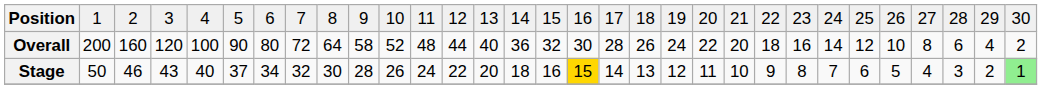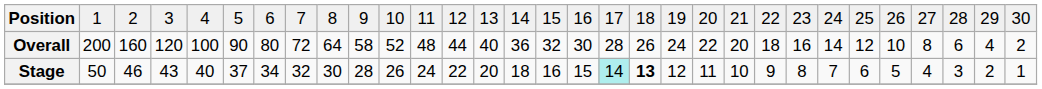 <table class="wikitable" style="font-size:90%; text-align:center">
 <tr bgcolor="#F0F0F0">
 <th>Position</th>
 <td width=20>1</td>
 <td width=20>2</td>
 <td width=20>3</td>
 <td width=20>4</td>
 <td width=20>5</td>
 <td width=20>6</td>
 <td width=20>7</td>
 <td width=20>8</td>
 <td width=20>9</td>
 <td width=20>10</td>
 <td width=20>11</td>
 <td width=20>12</td>
 <td width=20>13</td>
 <td width=20>14</td>
 <td width=20>15</td>
 <td width=20>16</td>
 <td width=20>17</td>
 <td width=20>18</td>
 <td width=20>19</td>
 <td width=20>20</td>
 <td width=20>21</td>
 <td width=20>22</td>
 <td width=20>23</td>
 <td width=20>24</td>
 <td width=20>25</td>
 <td width=20>26</td>
 <td width=20>27</td>
 <td width=20>28</td>
 <td width=20>29</td>
 <td width=20>30</td>
 </tr>
 <tr>
 <th>Overall</th>
 <td>200</td>
 <td>160</td>
 <td>120</td>
 <td>100</td>
 <td>90</td>
 <td>80</td>
 <td>72</td>
 <td>64</td>
 <td>58</td>
 <td>52</td>
 <td>48</td>
 <td>44</td>
 <td>40</td>
 <td>36</td>
 <td>32</td>
 <td>30</td>
 <td>28</td>
 <td>26</td>
 <td>24</td>
 <td>22</td>
 <td>20</td>
 <td>18</td>
 <td>16</td>
 <td>14</td>
 <td>12</td>
 <td>10</td>
 <td>8</td>
 <td>6</td>
 <td>4</td>
 <td>2</td>
 </tr>
 <tr>
 <th>Stage</th>
 <td>50</td>
 <td>46</td>
 <td>43</td>
 <td>40</td>
 <td>37</td>
 <td>34</td>
 <td>32</td>
 <td>30</td>
 <td>28</td>
 <td>26</td>
 <td>24</td>
 <td>22</td>
 <td>20</td>
 <td>18</td>
 <td>16</td>
-<td style="background: gold;">15</td>
-<td>14</td>
-<td>13</td>
+<td>15</td>
+<td style="background: paleturquoise;">14</td>
+<td><strong>13</strong></td>
 <td>12</td>
 <td>11</td>
 <td>10</td>
 <td>9</td>
 <td>8</td>
 <td>7</td>
 <td>6</td>
 <td>5</td>
 <td>4</td>
 <td>3</td>
 <td>2</td>
-<td style="background: lightgreen;">1</td>
+<td>1</td>
 </tr>
 <tr>
 </tr>
 </table>
